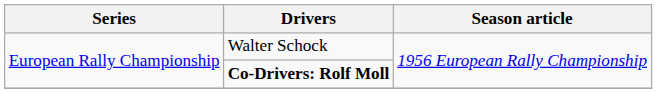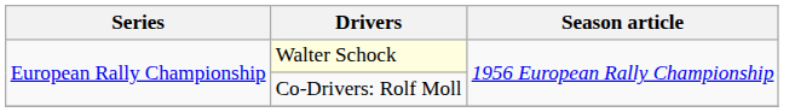 <table class="wikitable" style="font-size: 87%;">
 <tr>
 <th>Series</th>
 <th>Drivers</th>
 <th>Season article</th>
 </tr>
 <tr>
 <td rowspan=2><a href='#'>European Rally Championship</a></td>
-<td> Walter Schock</td>
+<td style="background: lightyellow;"> Walter Schock</td>
 <td rowspan=2><em><a href='#'>1956 European Rally Championship</a></em></td>
 </tr>
 <tr>
-<td><strong>Co-Drivers:  Rolf Moll</strong></td>
+<td>Co-Drivers:  Rolf Moll</td>
 </tr>
 <tr>
 </tr>
 </table>
